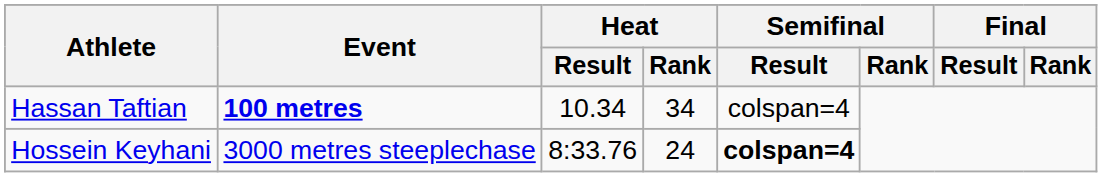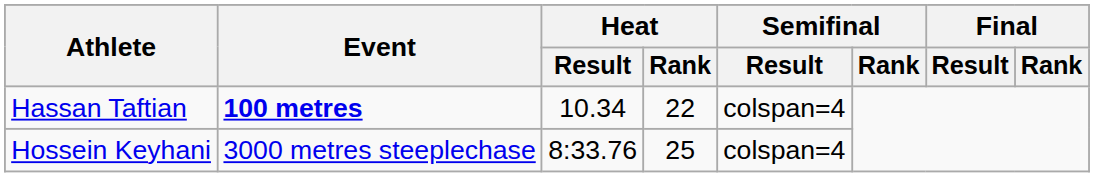 <table class="wikitable" style="font-size:90%">
 <tr>
 <th rowspan="2">Athlete</th>
 <th rowspan="2">Event</th>
 <th colspan="2">Heat</th>
 <th colspan="2">Semifinal</th>
 <th colspan="2">Final</th>
 </tr>
 <tr style="font-size:95%">
 <th>Result</th>
 <th>Rank</th>
 <th>Result</th>
 <th>Rank</th>
 <th>Result</th>
 <th>Rank</th>
 </tr>
 <tr style=text-align:center>
 <td style=text-align:left><a href='#'>Hassan Taftian</a></td>
 <td style=text-align:left><strong><a href='#'>100 metres</a></strong></td>
 <td>10.34</td>
-<td>34</td>
+<td>22</td>
 <td>colspan=4 </td>
 </tr>
 <tr style=text-align:center>
 <td style=text-align:left><a href='#'>Hossein Keyhani</a></td>
 <td style=text-align:left><a href='#'>3000 metres steeplechase</a></td>
 <td>8:33.76 <strong></strong></td>
-<td>24</td>
-<td><strong>colspan=4 </strong></td>
+<td>25</td>
+<td>colspan=4 </td>
 </tr>
 </table>
